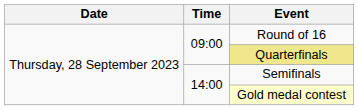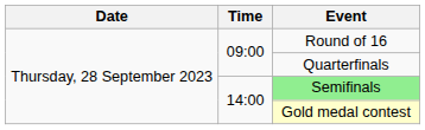 <table class = "wikitable" style="text-align:center;">
 <tr>
 <th width=220>Date</th>
 <th width=50>Time</th>
 <th width=150>Event</th>
 </tr>
 <tr>
 <td rowspan=4>Thursday, 28 September 2023</td>
 <td rowspan=2>09:00</td>
 <td>Round of 16</td>
 </tr>
 <tr>
-<td style="background: khaki;">Quarterfinals</td>
+<td>Quarterfinals</td>
 </tr>
 <tr>
 <td rowspan=2>14:00</td>
-<td>Semifinals</td>
+<td style="background: lightgreen;">Semifinals</td>
 </tr>
 <tr>
 <td bgcolor=ffffcc>Gold medal contest</td>
 </tr>
 </table>
